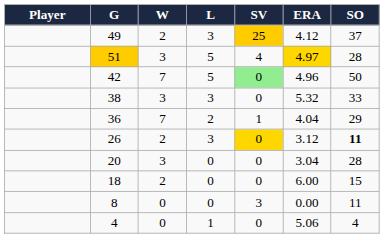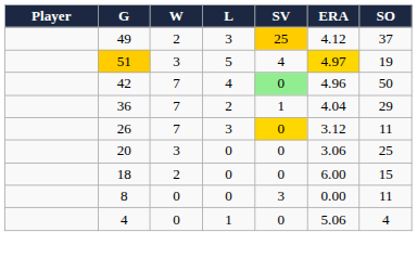 <table class="wikitable sortable">
 <tr>
 <th style="background:#1c2841;color:white;" width="16%">Player</th>
 <th style="background:#1c2841;color:white;" width="9%">G</th>
 <th style="background:#1c2841;color:white;" width="9%">W</th>
 <th style="background:#1c2841;color:white;" width="9%">L</th>
 <th style="background:#1c2841;color:white;" width="9%">SV</th>
 <th style="background:#1c2841;color:white;" width="9%">ERA</th>
 <th style="background:#1c2841;color:white;" width="9%">SO</th>
 </tr>
 <tr align="center">
 <td></td>
 <td>49</td>
 <td>2</td>
 <td>3</td>
 <td style="background:#fc0;">25</td>
 <td>4.12</td>
 <td>37</td>
 </tr>
 <tr align=center>
 <td></td>
 <td style="background:#fc0;">51</td>
 <td>3</td>
 <td>5</td>
 <td>4</td>
 <td style="background: gold;">4.97</td>
-<td>28</td>
+<td>19</td>
 </tr>
 <tr align="center">
 <td></td>
 <td>42</td>
 <td>7</td>
-<td>5</td>
+<td>4</td>
 <td style="background: lightgreen;">0</td>
 <td>4.96</td>
 <td>50</td>
-</tr>
-<tr align="center">
-<td></td>
-<td>38</td>
-<td>3</td>
-<td>3</td>
-<td>0</td>
-<td>5.32</td>
-<td>33</td>
 </tr>
 <tr align="center">
 <td></td>
 <td>36</td>
 <td>7</td>
 <td>2</td>
 <td>1</td>
 <td>4.04</td>
 <td>29</td>
 </tr>
 <tr align="center">
 <td></td>
 <td>26</td>
-<td>2</td>
+<td>7</td>
 <td>3</td>
 <td style="background: gold;">0</td>
 <td>3.12</td>
-<td><strong>11</strong></td>
+<td>11</td>
 </tr>
 <tr align="center">
 <td></td>
 <td>20</td>
 <td>3</td>
 <td>0</td>
 <td>0</td>
-<td>3.04</td>
-<td>28</td>
+<td>3.06</td>
+<td>25</td>
 </tr>
 <tr align="center">
 <td></td>
 <td>18</td>
 <td>2</td>
 <td>0</td>
 <td>0</td>
 <td>6.00</td>
 <td>15</td>
 </tr>
 <tr align="center">
 <td></td>
 <td>8</td>
 <td>0</td>
 <td>0</td>
 <td>3</td>
 <td>0.00</td>
 <td>11</td>
 </tr>
 <tr align="center">
 <td></td>
 <td>4</td>
 <td>0</td>
 <td>1</td>
 <td>0</td>
 <td>5.06</td>
 <td>4</td>
 </tr>
 </table>
